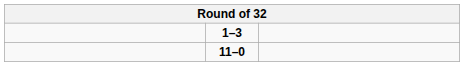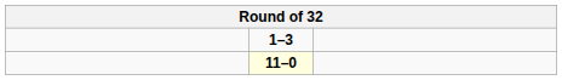 <table class="wikitable" style="text-align: center;">
 <tr>
 <th colspan="3">Round of 32</th>
 </tr>
 <tr>
 <td align="left" width="270"></td>
 <td align="center" width="65"><strong>1–3</strong></td>
 <td align="left" width="270"><strong></strong></td>
 </tr>
 <tr>
 <td align="left"><strong></strong></td>
-<td align="center"><strong>11–0</strong></td>
+<td align="center" style="background: lightyellow;"><strong>11–0</strong></td>
 <td align="left"></td>
 </tr>
 </table>
